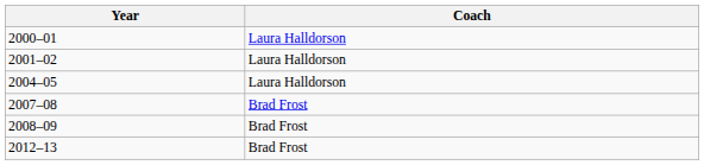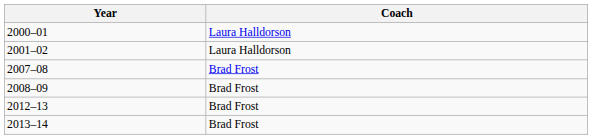 <table class="wikitable" style="width: 50em">
 <tr>
 <th>Year</th>
 <th>Coach</th>
 </tr>
 <tr>
 <td>2000–01</td>
 <td><a href='#'>Laura Halldorson</a></td>
 </tr>
 <tr>
 <td>2001–02</td>
 <td>Laura Halldorson</td>
 </tr>
 <tr>
-<td>2004–05</td>
-<td>Laura Halldorson</td>
-</tr>
-<tr>
 <td>2007–08</td>
 <td><a href='#'>Brad Frost</a></td>
 </tr>
 <tr>
 <td>2008–09</td>
 <td>Brad Frost</td>
 </tr>
 <tr>
 <td>2012–13</td>
 <td>Brad Frost</td>
 </tr>
+<tr>
+<td>2013–14</td>
+<td>Brad Frost</td>
+</tr>
 </table>
